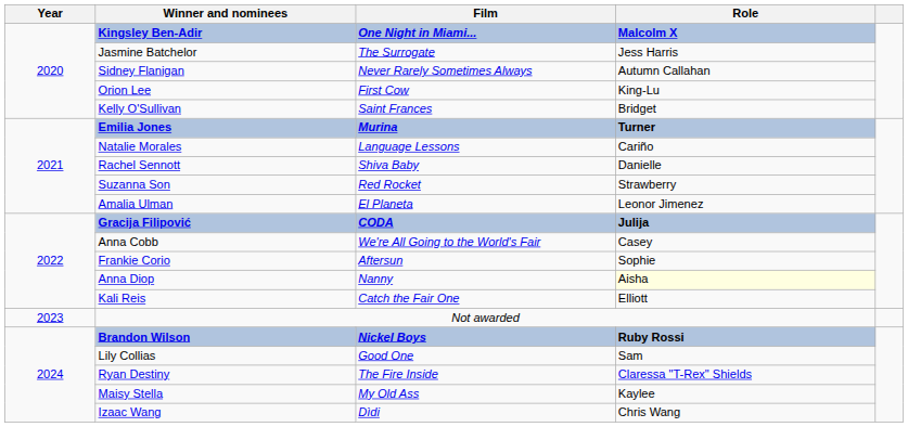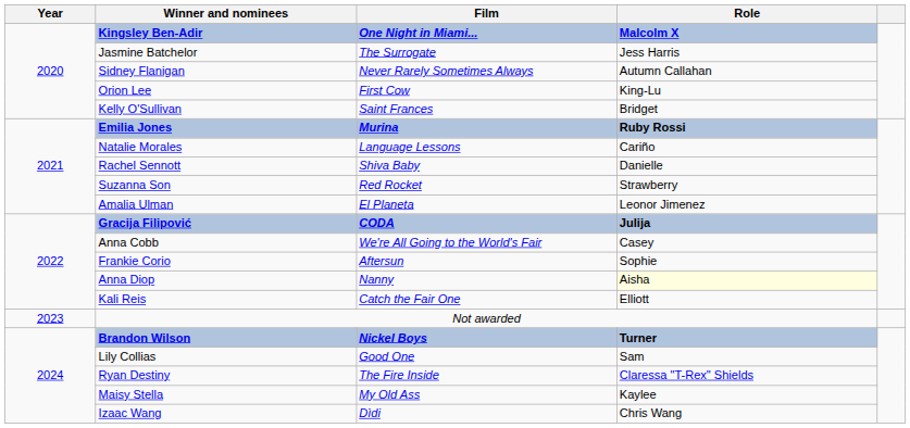 <table class="wikitable" width="95%" cellpadding="5">
 <tr>
 <th width="100"><strong>Year</strong></th>
 <th width="300"><strong>Winner and nominees</strong></th>
 <th width="300"><strong>Film</strong></th>
 <th width="300"><strong>Role</strong></th>
 <th width="25"><strong></strong></th>
 </tr>
 <tr>
 <td rowspan="5" style="text-align:center;"><a href='#'>2020</a></td>
 <td style="background:#B0C4DE;"><strong><a href='#'>Kingsley Ben-Adir</a></strong></td>
 <td style="background:#B0C4DE;"><strong><em><a href='#'>One Night in Miami...</a></em></strong></td>
 <td style="background:#B0C4DE;"><strong><a href='#'>Malcolm X</a></strong></td>
 <td rowspan="5" style="text-align:center;"></td>
 </tr>
 <tr>
 <td>Jasmine Batchelor</td>
 <td><em><a href='#'>The Surrogate</a></em></td>
 <td>Jess Harris</td>
 </tr>
 <tr>
 <td><a href='#'>Sidney Flanigan</a></td>
 <td><em><a href='#'>Never Rarely Sometimes Always</a></em></td>
 <td>Autumn Callahan</td>
 </tr>
 <tr>
 <td><a href='#'>Orion Lee</a></td>
 <td><em><a href='#'>First Cow</a></em></td>
 <td>King-Lu</td>
 </tr>
 <tr>
 <td><a href='#'>Kelly O'Sullivan</a></td>
 <td><em><a href='#'>Saint Frances</a></em></td>
 <td>Bridget</td>
 </tr>
 <tr>
 <td rowspan="5" style="text-align:center;"><a href='#'>2021</a></td>
 <td style="background:#B0C4DE;"><strong><a href='#'>Emilia Jones</a></strong></td>
 <td style="background:#B0C4DE;"><strong><em><a href='#'>Murina</a></em></strong></td>
-<td style="background:#B0C4DE;"><strong>Turner</strong></td>
+<td style="background:#B0C4DE;"><strong>Ruby Rossi</strong></td>
 <td rowspan="5" style="text-align:center;"> <br> </td>
 </tr>
 <tr>
 <td><a href='#'>Natalie Morales</a></td>
 <td><em><a href='#'>Language Lessons</a></em></td>
 <td>Cariño</td>
 </tr>
 <tr>
 <td><a href='#'>Rachel Sennott</a></td>
 <td><em><a href='#'>Shiva Baby</a></em></td>
 <td>Danielle</td>
 </tr>
 <tr>
 <td><a href='#'>Suzanna Son</a></td>
 <td><em><a href='#'>Red Rocket</a></em></td>
 <td>Strawberry</td>
 </tr>
 <tr>
 <td><a href='#'>Amalia Ulman</a></td>
 <td><em><a href='#'>El Planeta</a></em></td>
 <td>Leonor Jimenez</td>
 </tr>
 <tr>
 <td rowspan="5" style="text-align:center;"><a href='#'>2022</a></td>
 <td style="background:#B0C4DE;"><strong><a href='#'>Gracija Filipović</a></strong></td>
 <td style="background:#B0C4DE;"><strong><em><a href='#'>CODA</a></em></strong></td>
 <td style="background:#B0C4DE;"><strong>Julija</strong></td>
 <td rowspan="5" style="text-align:center;"></td>
 </tr>
 <tr>
 <td>Anna Cobb</td>
 <td><em><a href='#'>We're All Going to the World's Fair</a></em></td>
 <td>Casey</td>
 </tr>
 <tr>
 <td><a href='#'>Frankie Corio</a></td>
 <td><em><a href='#'>Aftersun</a></em></td>
 <td>Sophie</td>
 </tr>
 <tr>
 <td><a href='#'>Anna Diop</a></td>
 <td><em><a href='#'>Nanny</a></em></td>
 <td style="background: lightyellow;">Aisha</td>
 </tr>
 <tr>
 <td><a href='#'>Kali Reis</a></td>
 <td><em><a href='#'>Catch the Fair One</a></em></td>
 <td>Elliott</td>
 </tr>
 <tr>
 <td style="text-align:center;"><a href='#'>2023</a></td>
 <td colspan="3" style="text-align:center;"><em>Not awarded</em></td>
 <td style="text-align:center;"></td>
 </tr>
 <tr>
 <td rowspan="5" style="text-align:center;"><a href='#'>2024</a></td>
 <td style="background:#B0C4DE;"><strong><a href='#'>Brandon Wilson</a></strong></td>
 <td style="background:#B0C4DE;"><strong><em><a href='#'>Nickel Boys</a></em></strong></td>
-<td style="background:#B0C4DE;"><strong>Ruby Rossi</strong></td>
+<td style="background:#B0C4DE;"><strong>Turner</strong></td>
 <td rowspan="5" style="text-align:center;"></td>
 </tr>
 <tr>
 <td>Lily Collias</td>
 <td><em><a href='#'>Good One</a></em></td>
 <td>Sam</td>
 </tr>
 <tr>
 <td><a href='#'>Ryan Destiny</a></td>
 <td><em><a href='#'>The Fire Inside</a></em></td>
 <td><a href='#'>Claressa "T-Rex" Shields</a></td>
 </tr>
 <tr>
 <td><a href='#'>Maisy Stella</a></td>
 <td><em><a href='#'>My Old Ass</a></em></td>
 <td>Kaylee</td>
 </tr>
 <tr>
 <td><a href='#'>Izaac Wang</a></td>
 <td><em><a href='#'>Dìdi</a></em></td>
 <td>Chris Wang</td>
 </tr>
 </table>
